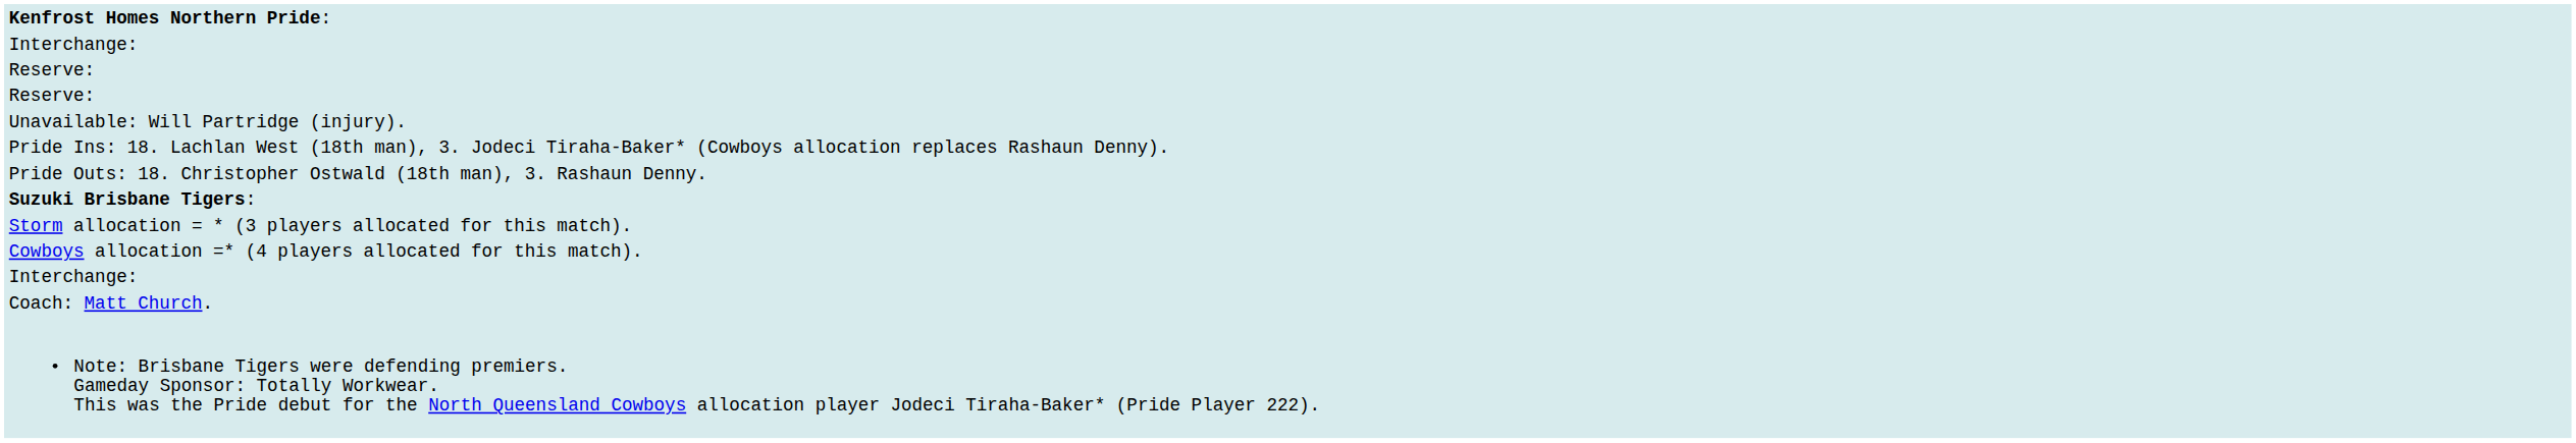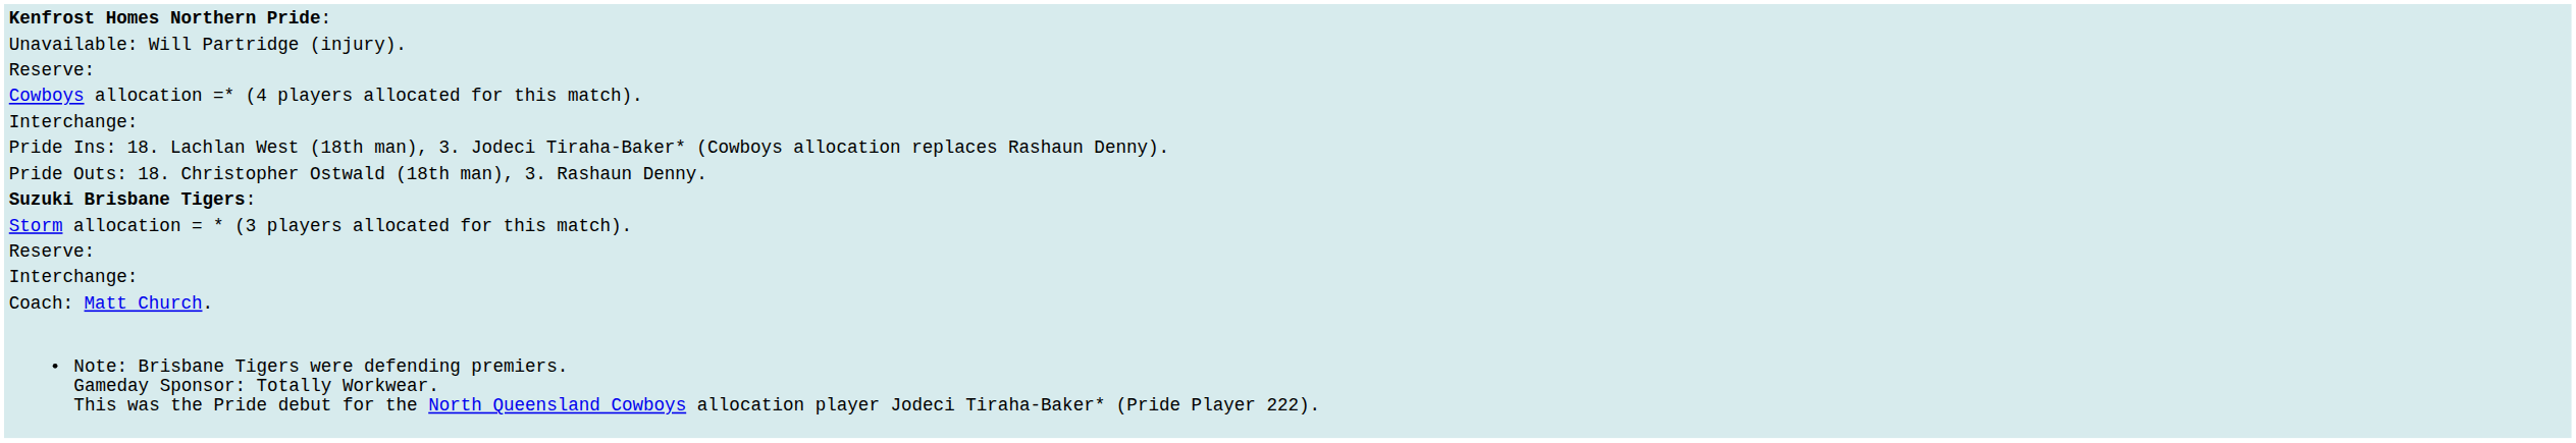 <table style="background:#d7ebed; font-size:85%; width:100%;">
 <tr>
 <td><strong>Kenfrost Homes Northern Pride</strong>:             </td>
 </tr>
 <tr>
-<td>Interchange:    </td>
+<td>Unavailable: Will Partridge (injury).</td>
 </tr>
 <tr>
 <td>Reserve: </td>
 </tr>
 <tr>
-<td>Reserve: </td>
+<td><a href='#'>Cowboys</a> allocation =* (4 players allocated for this match).</td>
 </tr>
 <tr>
-<td>Unavailable: Will Partridge (injury).</td>
+<td>Interchange:    </td>
 </tr>
 <tr>
 <td>Pride Ins: 18. Lachlan West (18th man), 3. Jodeci Tiraha-Baker* (Cowboys allocation replaces Rashaun Denny).</td>
 </tr>
 <tr>
 <td>Pride Outs: 18. Christopher Ostwald (18th man), 3. Rashaun Denny.</td>
 </tr>
 <tr>
 <td><strong>Suzuki Brisbane Tigers</strong>:             </td>
 </tr>
 <tr>
 <td><a href='#'>Storm</a> allocation = * (3 players allocated for this match).</td>
 </tr>
 <tr>
-<td><a href='#'>Cowboys</a> allocation =* (4 players allocated for this match).</td>
+<td>Reserve: </td>
 </tr>
 <tr>
 <td>Interchange:    </td>
 </tr>
 <tr>
 <td>Coach: <a href='#'>Matt Church</a>.</td>
 </tr>
 <tr>
 <td><br><ul><li>Note: Brisbane Tigers were defending premiers.<br>Gameday Sponsor: Totally Workwear.<br>This was the Pride debut for the <a href='#'>North Queensland Cowboys</a> allocation player Jodeci Tiraha-Baker* (Pride Player 222).</li></ul></td>
 </tr>
 </table>
